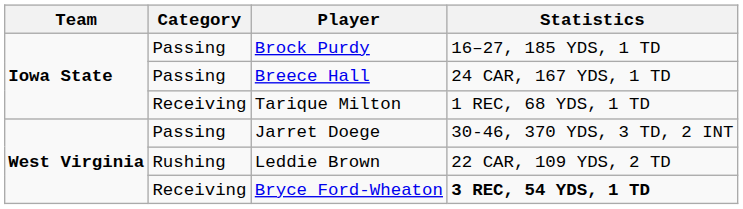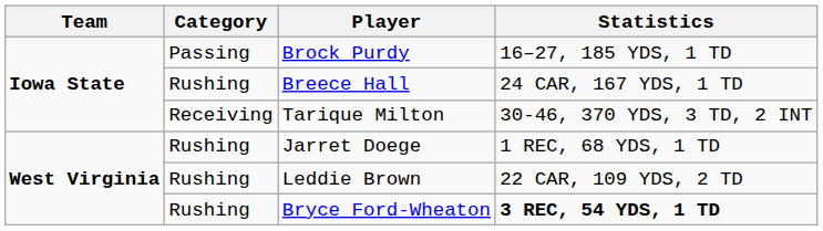 <table class="wikitable" style="float: right;">
 <tr>
 <th>Team</th>
 <th>Category</th>
 <th>Player</th>
 <th>Statistics</th>
 </tr>
 <tr>
 <td rowspan=3><strong>Iowa State</strong></td>
 <td>Passing</td>
 <td><a href='#'>Brock Purdy</a></td>
 <td>16–27, 185 YDS, 1 TD</td>
 </tr>
 <tr>
-<td>Passing</td>
+<td>Rushing</td>
 <td><a href='#'>Breece Hall</a></td>
 <td>24 CAR, 167 YDS, 1 TD</td>
 </tr>
 <tr>
 <td>Receiving</td>
 <td>Tarique Milton</td>
-<td>1 REC, 68 YDS, 1 TD</td>
+<td>30-46, 370 YDS, 3 TD, 2 INT</td>
 </tr>
 <tr>
 <td rowspan=3><strong>West Virginia</strong></td>
-<td>Passing</td>
+<td>Rushing</td>
 <td>Jarret Doege</td>
-<td>30-46, 370 YDS, 3 TD, 2 INT</td>
+<td>1 REC, 68 YDS, 1 TD</td>
 </tr>
 <tr>
 <td>Rushing</td>
 <td>Leddie Brown</td>
 <td>22 CAR, 109 YDS, 2 TD</td>
 </tr>
 <tr>
-<td>Receiving</td>
+<td>Rushing</td>
 <td><a href='#'>Bryce Ford-Wheaton</a></td>
 <td><strong>3 REC, 54 YDS, 1 TD</strong></td>
 </tr>
 </table>
